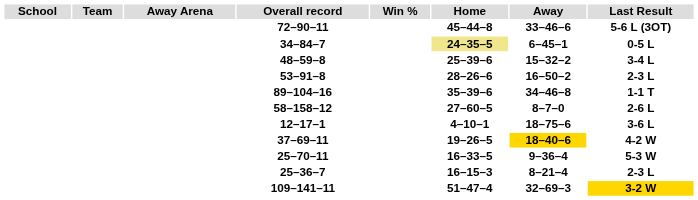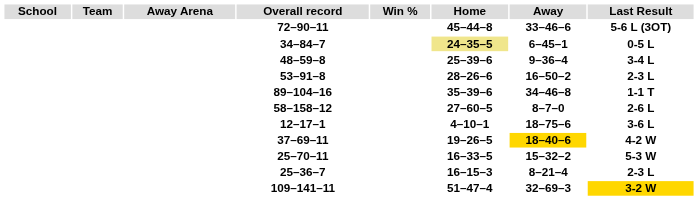 <table width="75%">
 <tr align="center"  bgcolor="#dddddd">
 <th>School</th>
 <th>Team</th>
 <th>Away Arena</th>
 <th>Overall record</th>
 <th>Win %</th>
 <th>Home</th>
 <th>Away</th>
 <th>Last Result</th>
 </tr>
 <tr align="center">
 <td><strong><a href='#'></a></strong></td>
 <td><strong><a href='#'></a></strong></td>
 <td><strong><a href='#'></a> </strong></td>
 <td><strong>72–90–11</strong></td>
 <td><strong></strong></td>
 <td><strong>45–44–8</strong></td>
 <td><strong>33–46–6</strong></td>
 <td><strong>5-6 L (3OT)</strong></td>
 </tr>
 <tr align="center">
 <td><strong><a href='#'></a></strong></td>
 <td><strong><a href='#'></a></strong></td>
 <td><strong><a href='#'></a> </strong></td>
 <td><strong>34–84–7</strong></td>
 <td><strong></strong></td>
 <td style="background: khaki;"><strong>24–35–5</strong></td>
 <td><strong>6–45–1</strong></td>
 <td><strong>0-5 L</strong></td>
 </tr>
 <tr align="center">
 <td><strong><a href='#'></a></strong></td>
 <td><strong><a href='#'></a></strong></td>
 <td><strong><a href='#'></a> </strong></td>
 <td><strong>48–59–8</strong></td>
 <td><strong></strong></td>
 <td><strong>25–39–6</strong></td>
-<td><strong>15–32–2</strong></td>
+<td><strong>9–36–4</strong></td>
 <td><strong>3-4 L</strong></td>
 </tr>
 <tr align="center">
 <td><strong><a href='#'></a></strong></td>
 <td><strong><a href='#'></a></strong></td>
 <td><strong><a href='#'></a> </strong></td>
 <td><strong>53–91–8</strong></td>
 <td><strong></strong></td>
 <td><strong>28–26–6</strong></td>
 <td><strong>16–50–2</strong></td>
 <td><strong>2-3 L</strong></td>
 </tr>
 <tr align="center">
 <td><strong><a href='#'></a></strong></td>
 <td><strong><a href='#'></a></strong></td>
 <td><strong><a href='#'></a></strong></td>
 <td><strong>89–104–16</strong></td>
 <td><strong></strong></td>
 <td><strong>35–39–6</strong></td>
 <td><strong>34–46–8</strong></td>
 <td><strong>1-1 T</strong></td>
 </tr>
 <tr align="center">
 <td><strong><a href='#'></a></strong></td>
 <td><strong><a href='#'></a></strong></td>
 <td><strong><a href='#'></a></strong></td>
 <td><strong>58–158–12</strong></td>
 <td><strong></strong></td>
 <td><strong>27–60–5</strong></td>
 <td><strong>8–7–0</strong></td>
 <td><strong>2-6 L</strong></td>
 </tr>
 <tr align="center">
 <td><strong><a href='#'></a></strong></td>
 <td><strong><a href='#'></a></strong></td>
 <td><strong><a href='#'></a></strong></td>
 <td><strong>12–17–1</strong></td>
 <td><strong></strong></td>
 <td><strong>4–10–1</strong></td>
 <td><strong>18–75–6</strong></td>
 <td><strong>3-6 L</strong></td>
 </tr>
 <tr align="center">
 <td><strong><a href='#'></a></strong></td>
 <td><strong><a href='#'></a></strong></td>
 <td><strong><a href='#'></a></strong></td>
 <td><strong>37–69–11</strong></td>
 <td><strong></strong></td>
 <td><strong>19–26–5</strong></td>
 <td style="background: gold;"><strong>18–40–6</strong></td>
 <td><strong>4-2 W</strong></td>
 </tr>
 <tr align="center">
 <td><strong><a href='#'></a></strong></td>
 <td><strong><a href='#'></a></strong></td>
 <td><strong><a href='#'></a></strong></td>
 <td><strong>25–70–11</strong></td>
 <td><strong></strong></td>
 <td><strong>16–33–5</strong></td>
-<td><strong>9–36–4</strong></td>
+<td><strong>15–32–2</strong></td>
 <td><strong>5-3 W</strong></td>
 </tr>
 <tr align="center">
 <td><strong><a href='#'></a></strong></td>
 <td><strong><a href='#'></a></strong></td>
 <td><strong><a href='#'></a></strong></td>
 <td><strong>25–36–7</strong></td>
 <td><strong></strong></td>
 <td><strong>16–15–3</strong></td>
 <td><strong>8–21–4</strong></td>
 <td><strong>2-3 L</strong></td>
 </tr>
 <tr align="center">
 <td><strong><a href='#'></a></strong></td>
 <td><strong><a href='#'></a></strong></td>
 <td><strong><a href='#'></a></strong></td>
 <td><strong>109–141–11</strong></td>
 <td><strong></strong></td>
 <td><strong>51–47–4</strong></td>
 <td><strong>32–69–3</strong></td>
 <td style="background: gold;"><strong>3-2 W</strong></td>
 </tr>
 </table>
